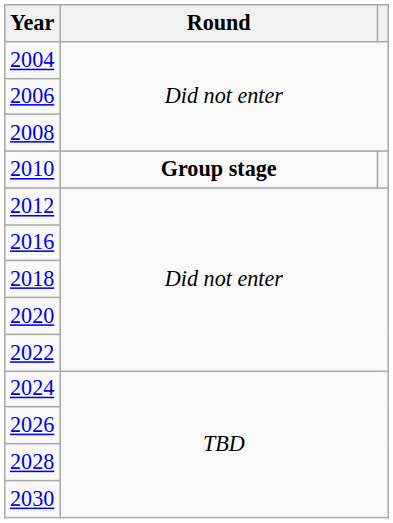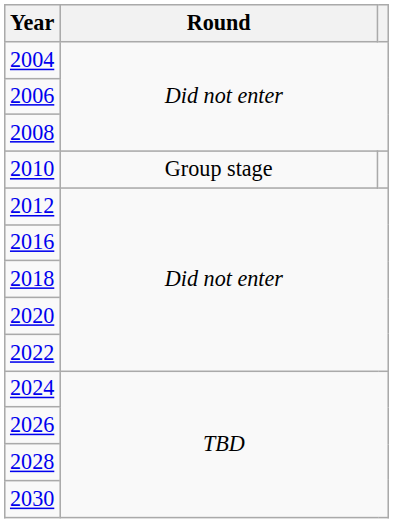 <table class="wikitable" style="text-align: center; font-size:90%">
 <tr>
 <th>Year</th>
 <th style="width:200px">Round</th>
 <th></th>
 </tr>
 <tr>
 <td><a href='#'>2004</a></td>
 <td colspan="2" rowspan="3"><em>Did not enter</em></td>
 </tr>
 <tr>
 <td><a href='#'>2006</a></td>
 </tr>
 <tr>
 <td><a href='#'>2008</a></td>
 </tr>
 <tr>
 <td><a href='#'>2010</a></td>
-<td><strong>Group stage</strong></td>
+<td>Group stage</td>
 <td></td>
 </tr>
 <tr>
 <td><a href='#'>2012</a></td>
 <td colspan="2" rowspan="5"><em>Did not enter</em></td>
 </tr>
 <tr>
 <td><a href='#'>2016</a></td>
 </tr>
 <tr>
 <td><a href='#'>2018</a></td>
 </tr>
 <tr>
 <td><a href='#'>2020</a></td>
 </tr>
 <tr>
 <td><a href='#'>2022</a></td>
 </tr>
 <tr>
 <td><a href='#'>2024</a></td>
 <td colspan="2" rowspan="4"><em>TBD</em></td>
 </tr>
 <tr>
 <td><a href='#'>2026</a></td>
 </tr>
 <tr>
 <td><a href='#'>2028</a></td>
 </tr>
 <tr>
 <td><a href='#'>2030</a></td>
 </tr>
 </table>
